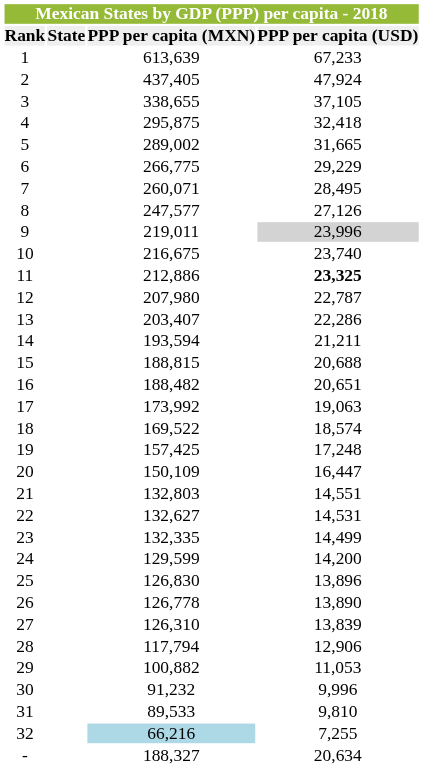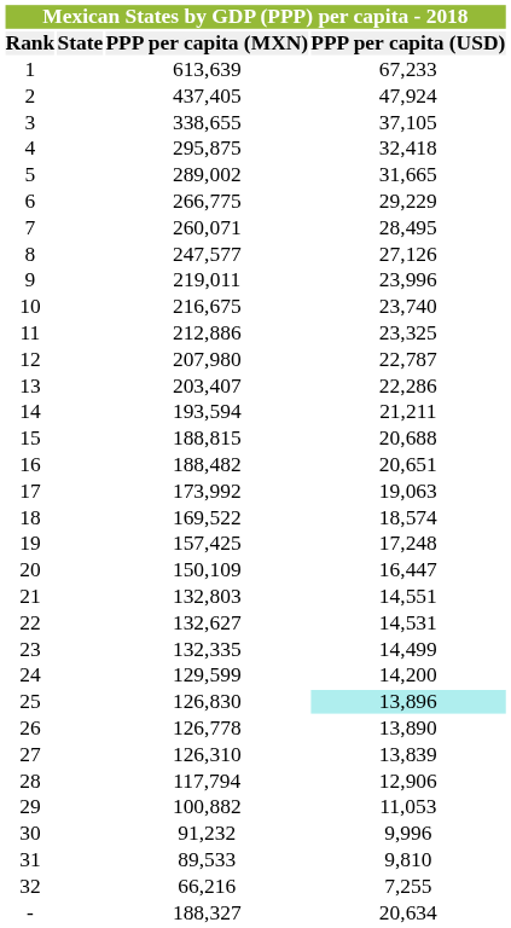 <table class="toc sortable" cellpadding=0 cellspacing=2 style="float:left; text-align:center;clear:all; margin-left:4px; font-size:100%">
 <tr>
 <th style="color:white" colspan="5" bgcolor="#95BA37">Mexican States by GDP (PPP) per capita - 2018</th>
 </tr>
 <tr bgcolor=#efefef>
 <th>Rank</th>
 <th>State</th>
 <th>PPP per capita (MXN)</th>
 <th>PPP per capita (USD)</th>
 </tr>
 <tr>
 <td align="center">1</td>
 <td align="left"></td>
 <td align="center">613,639</td>
 <td align="center">67,233</td>
 </tr>
 <tr>
 <td align="center">2</td>
 <td align="left"></td>
 <td align="center">437,405</td>
 <td align="center">47,924</td>
 </tr>
 <tr>
 <td align="center">3</td>
 <td align="left"></td>
 <td align="center">338,655</td>
 <td align="center">37,105</td>
 </tr>
 <tr>
 <td align="center">4</td>
 <td align="left"></td>
 <td align="center">295,875</td>
 <td align="center">32,418</td>
 </tr>
 <tr>
 <td align="center">5</td>
 <td align="left"></td>
 <td align="center">289,002</td>
 <td align="center">31,665</td>
 </tr>
 <tr>
 <td align="center">6</td>
 <td align="left"></td>
 <td align="center">266,775</td>
 <td align="center">29,229</td>
 </tr>
 <tr>
 <td align="center">7</td>
 <td align="left"></td>
 <td align="center">260,071</td>
 <td align="center">28,495</td>
 </tr>
 <tr>
 <td align="center">8</td>
 <td align="left"></td>
 <td align="center">247,577</td>
 <td align="center">27,126</td>
 </tr>
 <tr>
 <td align="center">9</td>
 <td align="left"></td>
 <td align="center">219,011</td>
-<td align="center" style="background: lightgrey;">23,996</td>
+<td align="center">23,996</td>
 </tr>
 <tr>
 <td align="center">10</td>
 <td align="left"></td>
 <td align="center">216,675</td>
 <td align="center">23,740</td>
 </tr>
 <tr>
 <td align="center">11</td>
 <td align="left"></td>
 <td align="center">212,886</td>
-<td align="center"><strong>23,325</strong></td>
+<td align="center">23,325</td>
 </tr>
 <tr>
 <td align="center">12</td>
 <td align="left"></td>
 <td align="center">207,980</td>
 <td align="center">22,787</td>
 </tr>
 <tr>
 <td align="center">13</td>
 <td align="left"></td>
 <td align="center">203,407</td>
 <td align="center">22,286</td>
 </tr>
 <tr>
 <td align="center">14</td>
 <td align="left"></td>
 <td align="center">193,594</td>
 <td align="center">21,211</td>
 </tr>
 <tr>
 <td align="center">15</td>
 <td align="left"></td>
 <td align="center">188,815</td>
 <td align="center">20,688</td>
 </tr>
 <tr>
 <td align="center">16</td>
 <td align="left"></td>
 <td align="center">188,482</td>
 <td align="center">20,651</td>
 </tr>
 <tr>
 <td align="center">17</td>
 <td align="left"></td>
 <td align="center">173,992</td>
 <td align="center">19,063</td>
 </tr>
 <tr>
 <td align="center">18</td>
 <td align="left"></td>
 <td align="center">169,522</td>
 <td align="center">18,574</td>
 </tr>
 <tr>
 <td align="center">19</td>
 <td align="left"></td>
 <td align="center">157,425</td>
 <td align="center">17,248</td>
 </tr>
 <tr>
 <td align="center">20</td>
 <td align="left"></td>
 <td align="center">150,109</td>
 <td align="center">16,447</td>
 </tr>
 <tr>
 <td align="center">21</td>
 <td align="left"></td>
 <td align="center">132,803</td>
 <td align="center">14,551</td>
 </tr>
 <tr>
 <td align="center">22</td>
 <td align="left"></td>
 <td align="center">132,627</td>
 <td align="center">14,531</td>
 </tr>
 <tr>
 <td align="center">23</td>
 <td align="left"></td>
 <td align="center">132,335</td>
 <td align="center">14,499</td>
 </tr>
 <tr>
 <td align="center">24</td>
 <td align="left"></td>
 <td align="center">129,599</td>
 <td align="center">14,200</td>
 </tr>
 <tr>
 <td align="center">25</td>
 <td align="left"></td>
 <td align="center">126,830</td>
-<td align="center">13,896</td>
+<td align="center" style="background: paleturquoise;">13,896</td>
 </tr>
 <tr>
 <td align="center">26</td>
 <td align="left"></td>
 <td align="center">126,778</td>
 <td align="center">13,890</td>
 </tr>
 <tr>
 <td align="center">27</td>
 <td align="left"></td>
 <td align="center">126,310</td>
 <td align="center">13,839</td>
 </tr>
 <tr>
 <td align="center">28</td>
 <td align="left"></td>
 <td align="center">117,794</td>
 <td align="center">12,906</td>
 </tr>
 <tr>
 <td align="center">29</td>
 <td align="left"></td>
 <td align="center">100,882</td>
 <td align="center">11,053</td>
 </tr>
 <tr>
 <td align="center">30</td>
 <td align="left"></td>
 <td align="center">91,232</td>
 <td align="center">9,996</td>
 </tr>
 <tr>
 <td align="center">31</td>
 <td align="left"></td>
 <td align="center">89,533</td>
 <td align="center">9,810</td>
 </tr>
 <tr>
 <td align="center">32</td>
 <td align="left"></td>
-<td align="center" style="background: lightblue;">66,216</td>
+<td align="center">66,216</td>
 <td align="center">7,255</td>
 </tr>
 <tr>
 <td align="center">-</td>
 <td align="left"></td>
 <td align="center">188,327</td>
 <td align="center">20,634</td>
 </tr>
 </table>
